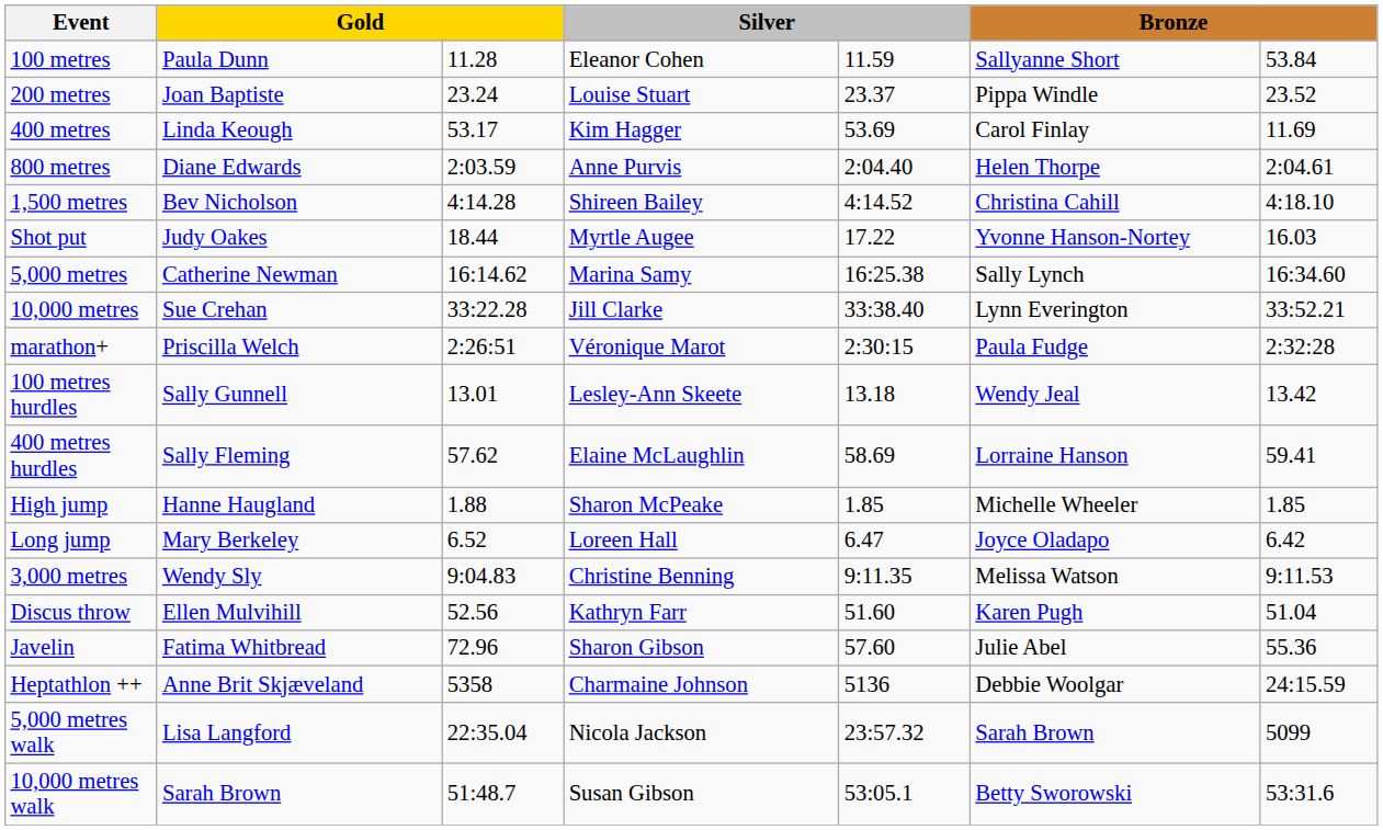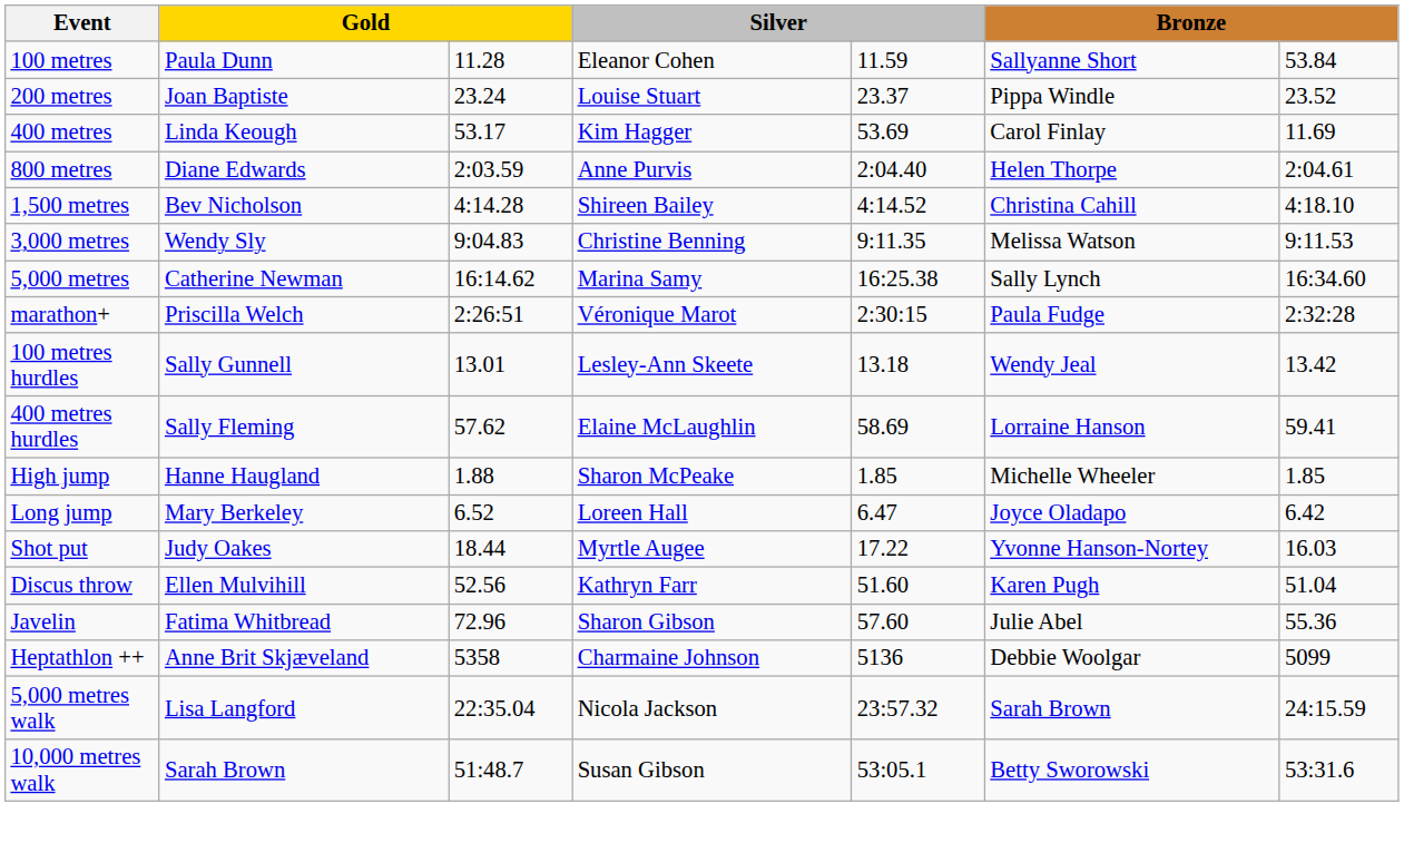 <table class="wikitable" style="text-align:left">
 <tr>
 <th width=100>Event</th>
 <th colspan="2" width="280" style="background:gold;">Gold</th>
 <th colspan="2" width="280" style="background:silver;">Silver</th>
 <th colspan="2" width="280" style="background:#CD7F32;">Bronze</th>
 </tr>
 <tr>
 <td><a href='#'>100 metres</a></td>
 <td><a href='#'>Paula Dunn</a></td>
 <td>11.28</td>
 <td>Eleanor Cohen</td>
 <td>11.59</td>
 <td> <a href='#'>Sallyanne Short</a></td>
 <td>53.84</td>
 </tr>
 <tr>
 <td><a href='#'>200 metres</a></td>
 <td><a href='#'>Joan Baptiste</a></td>
 <td>23.24</td>
 <td><a href='#'>Louise Stuart</a></td>
 <td>23.37</td>
 <td>Pippa Windle</td>
 <td>23.52</td>
 </tr>
 <tr>
 <td><a href='#'>400 metres</a></td>
 <td><a href='#'>Linda Keough</a></td>
 <td>53.17</td>
 <td><a href='#'>Kim Hagger</a></td>
 <td>53.69</td>
 <td>Carol Finlay</td>
 <td>11.69</td>
 </tr>
 <tr>
 <td><a href='#'>800 metres</a></td>
 <td><a href='#'>Diane Edwards</a></td>
 <td>2:03.59</td>
 <td> <a href='#'>Anne Purvis</a></td>
 <td>2:04.40</td>
 <td><a href='#'>Helen Thorpe</a></td>
 <td>2:04.61</td>
 </tr>
 <tr>
 <td><a href='#'>1,500 metres</a></td>
 <td><a href='#'>Bev Nicholson</a></td>
 <td>4:14.28</td>
 <td><a href='#'>Shireen Bailey</a></td>
 <td>4:14.52</td>
 <td><a href='#'>Christina Cahill</a></td>
 <td>4:18.10</td>
 </tr>
 <tr>
-<td><a href='#'>Shot put</a></td>
-<td><a href='#'>Judy Oakes</a></td>
-<td>18.44</td>
-<td><a href='#'>Myrtle Augee</a></td>
-<td>17.22</td>
-<td><a href='#'>Yvonne Hanson-Nortey</a></td>
-<td>16.03</td>
+<td><a href='#'>3,000 metres</a></td>
+<td><a href='#'>Wendy Sly</a></td>
+<td>9:04.83</td>
+<td><a href='#'>Christine Benning</a></td>
+<td>9:11.35</td>
+<td>Melissa Watson</td>
+<td>9:11.53</td>
 </tr>
 <tr>
 <td><a href='#'>5,000 metres</a></td>
 <td><a href='#'>Catherine Newman</a></td>
 <td>16:14.62</td>
 <td><a href='#'>Marina Samy</a></td>
 <td>16:25.38</td>
 <td>Sally Lynch</td>
 <td>16:34.60</td>
-</tr>
-<tr>
-<td><a href='#'>10,000 metres</a></td>
-<td><a href='#'>Sue Crehan</a></td>
-<td>33:22.28</td>
-<td><a href='#'>Jill Clarke</a></td>
-<td>33:38.40</td>
-<td>Lynn Everington</td>
-<td>33:52.21</td>
 </tr>
 <tr>
 <td><a href='#'>marathon</a>+</td>
 <td><a href='#'>Priscilla Welch</a></td>
 <td>2:26:51</td>
 <td><a href='#'>Véronique Marot</a></td>
 <td>2:30:15</td>
 <td><a href='#'>Paula Fudge</a></td>
 <td>2:32:28</td>
 </tr>
 <tr>
 <td><a href='#'>100 metres hurdles</a></td>
 <td><a href='#'>Sally Gunnell</a></td>
 <td>13.01</td>
 <td><a href='#'>Lesley-Ann Skeete</a></td>
 <td>13.18</td>
 <td><a href='#'>Wendy Jeal</a></td>
 <td>13.42</td>
 </tr>
 <tr>
 <td><a href='#'>400 metres hurdles</a></td>
 <td> <a href='#'>Sally Fleming</a></td>
 <td>57.62</td>
 <td> <a href='#'>Elaine McLaughlin</a></td>
 <td>58.69</td>
 <td><a href='#'>Lorraine Hanson</a></td>
 <td>59.41</td>
 </tr>
 <tr>
 <td><a href='#'>High jump</a></td>
 <td> <a href='#'>Hanne Haugland</a></td>
 <td>1.88</td>
 <td> <a href='#'>Sharon McPeake</a></td>
 <td>1.85</td>
 <td>Michelle Wheeler</td>
 <td>1.85</td>
 </tr>
 <tr>
 <td><a href='#'>Long jump</a></td>
 <td><a href='#'>Mary Berkeley</a></td>
 <td>6.52</td>
 <td><a href='#'>Loreen Hall</a></td>
 <td>6.47</td>
 <td><a href='#'>Joyce Oladapo</a></td>
 <td>6.42</td>
 </tr>
 <tr>
-<td><a href='#'>3,000 metres</a></td>
-<td><a href='#'>Wendy Sly</a></td>
-<td>9:04.83</td>
-<td><a href='#'>Christine Benning</a></td>
-<td>9:11.35</td>
-<td>Melissa Watson</td>
-<td>9:11.53</td>
+<td><a href='#'>Shot put</a></td>
+<td><a href='#'>Judy Oakes</a></td>
+<td>18.44</td>
+<td><a href='#'>Myrtle Augee</a></td>
+<td>17.22</td>
+<td><a href='#'>Yvonne Hanson-Nortey</a></td>
+<td>16.03</td>
 </tr>
 <tr>
 <td><a href='#'>Discus throw</a></td>
 <td><a href='#'>Ellen Mulvihill</a></td>
 <td>52.56</td>
 <td><a href='#'>Kathryn Farr</a></td>
 <td>51.60</td>
 <td><a href='#'>Karen Pugh</a></td>
 <td>51.04</td>
 </tr>
 <tr>
 <td><a href='#'>Javelin</a></td>
 <td><a href='#'>Fatima Whitbread</a></td>
 <td>72.96</td>
 <td><a href='#'>Sharon Gibson</a></td>
 <td>57.60</td>
 <td>Julie Abel</td>
 <td>55.36</td>
 </tr>
 <tr>
 <td><a href='#'>Heptathlon</a> ++</td>
 <td> <a href='#'>Anne Brit Skjæveland</a></td>
 <td>5358</td>
 <td><a href='#'>Charmaine Johnson</a></td>
 <td>5136</td>
 <td>Debbie Woolgar</td>
-<td>24:15.59</td>
+<td>5099</td>
 </tr>
 <tr>
 <td><a href='#'>5,000 metres walk</a></td>
 <td><a href='#'>Lisa Langford</a></td>
 <td>22:35.04</td>
 <td>Nicola Jackson</td>
 <td>23:57.32</td>
 <td><a href='#'>Sarah Brown</a></td>
-<td>5099</td>
+<td>24:15.59</td>
 </tr>
 <tr>
 <td><a href='#'>10,000 metres walk</a></td>
 <td><a href='#'>Sarah Brown</a></td>
 <td>51:48.7</td>
 <td>Susan Gibson</td>
 <td>53:05.1</td>
 <td><a href='#'>Betty Sworowski</a></td>
 <td>53:31.6</td>
 </tr>
 </table>
